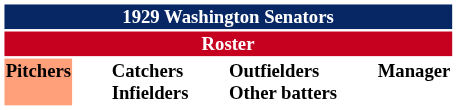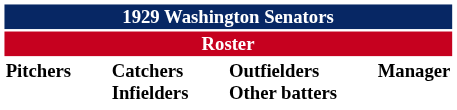 <table class="toccolours" style="font-size: 95%;">
 <tr>
 <th colspan="10" style="background-color: #072764; color: white; text-align: center;">1929 Washington Senators</th>
 </tr>
 <tr>
 <td colspan="10" style="background-color: #c6011f; color: white; text-align: center;"><strong>Roster</strong></td>
 </tr>
 <tr>
-<td valign="top" style="background: lightsalmon;"><strong>Pitchers</strong><br>             </td>
+<td valign="top"><strong>Pitchers</strong><br>             </td>
 <td width="25px"></td>
 <td valign="top"><strong>Catchers</strong><br>   <strong>Infielders</strong>        </td>
 <td width="25px"></td>
 <td valign="top"><strong>Outfielders</strong><br>        <strong>Other batters</strong> </td>
 <td width="25px"></td>
 <td valign="top"><strong>Manager</strong><br></td>
 </tr>
 <tr>
 </tr>
 </table>
